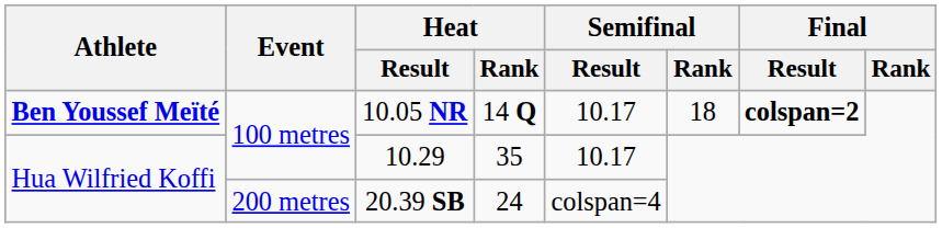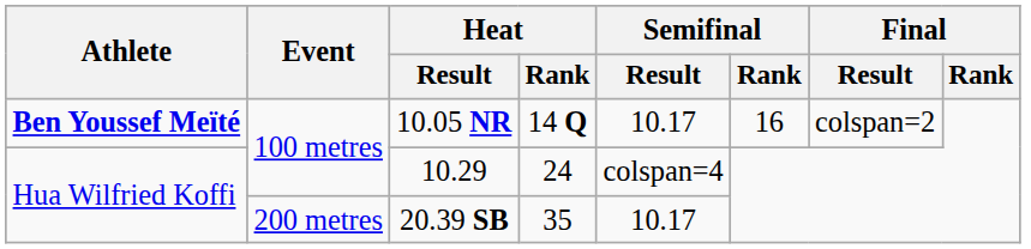 <table class="wikitable" style="font-size:90%">
 <tr>
 <th rowspan="2">Athlete</th>
 <th rowspan="2">Event</th>
 <th colspan="2">Heat</th>
 <th colspan="2">Semifinal</th>
 <th colspan="2">Final</th>
 </tr>
 <tr style="font-size:95%">
 <th>Result</th>
 <th>Rank</th>
 <th>Result</th>
 <th>Rank</th>
 <th>Result</th>
 <th>Rank</th>
 </tr>
 <tr style=text-align:center>
 <td style=text-align:left><strong><a href='#'>Ben Youssef Meïté</a></strong></td>
 <td style=text-align:left rowspan=2><a href='#'>100 metres</a></td>
 <td>10.05 <strong><a href='#'>NR</a></strong></td>
 <td>14 <strong>Q</strong></td>
 <td>10.17</td>
-<td>18</td>
-<td><strong>colspan=2 </strong></td>
+<td>16</td>
+<td>colspan=2 </td>
 </tr>
 <tr style=text-align:center>
 <td style=text-align:left rowspan=2><a href='#'>Hua Wilfried Koffi</a></td>
 <td>10.29</td>
-<td>35</td>
-<td>10.17</td>
+<td>24</td>
+<td>colspan=4 </td>
 </tr>
 <tr style=text-align:center>
 <td style=text-align:left><a href='#'>200 metres</a></td>
 <td>20.39 <strong>SB</strong></td>
-<td>24</td>
-<td>colspan=4 </td>
+<td>35</td>
+<td>10.17</td>
 </tr>
 </table>
